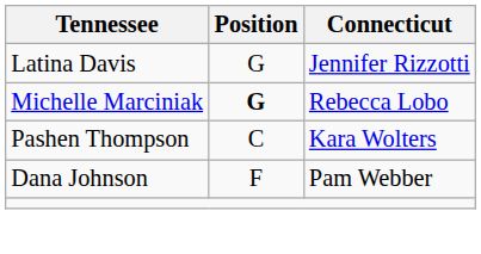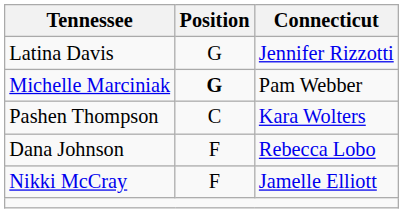 <table class="wikitable">
 <tr>
 <th>Tennessee</th>
 <th>Position</th>
 <th>Connecticut</th>
 </tr>
 <tr>
 <td>Latina Davis</td>
 <td style="text-align:center">G</td>
 <td><a href='#'>Jennifer Rizzotti</a></td>
 </tr>
 <tr>
 <td><a href='#'>Michelle Marciniak</a></td>
 <td style="text-align:center"><strong>G</strong></td>
-<td><a href='#'>Rebecca Lobo</a></td>
+<td>Pam Webber</td>
 </tr>
 <tr>
 <td>Pashen Thompson</td>
 <td style="text-align:center">C</td>
 <td><a href='#'>Kara Wolters</a></td>
 </tr>
 <tr>
 <td>Dana Johnson</td>
 <td style="text-align:center">F</td>
-<td>Pam Webber</td>
+<td><a href='#'>Rebecca Lobo</a></td>
+</tr>
+<tr>
+<td><a href='#'>Nikki McCray</a></td>
+<td style="text-align:center">F</td>
+<td><a href='#'>Jamelle Elliott</a></td>
 </tr>
 <tr>
 <td style="text-align:center" colspan=3></td>
 </tr>
 </table>
